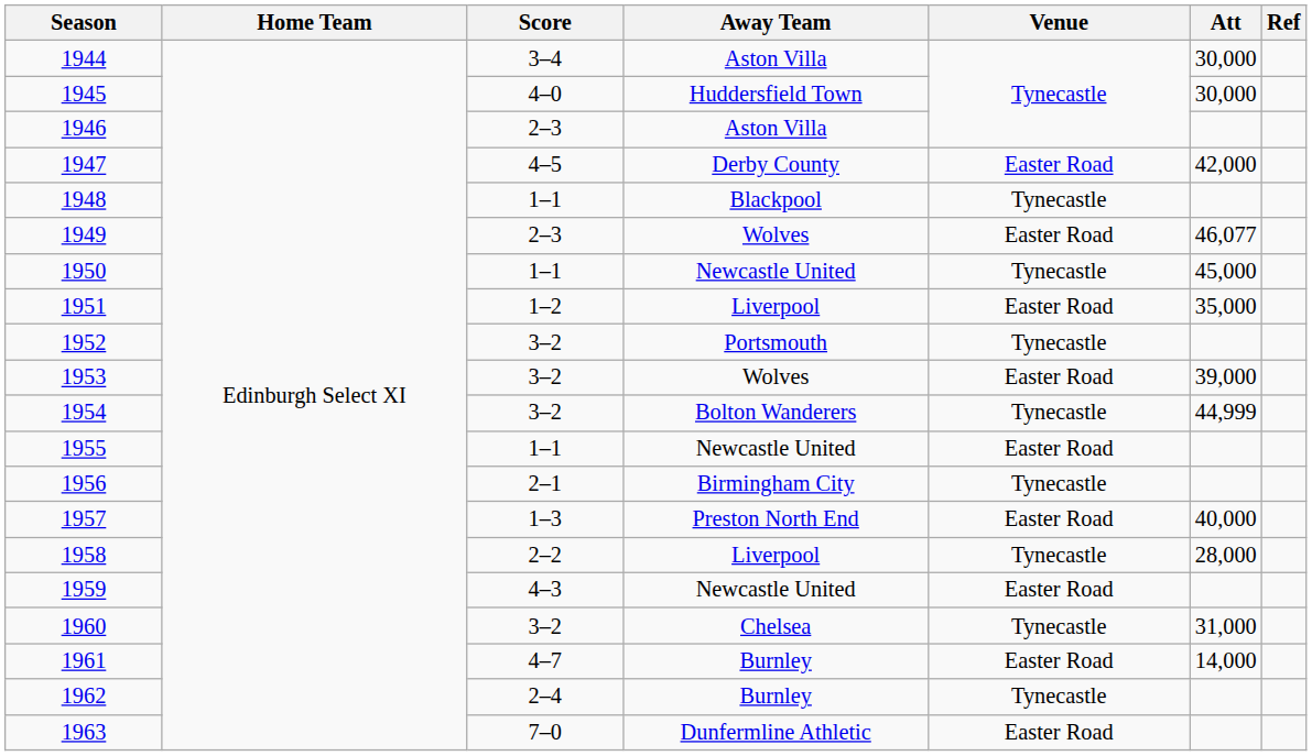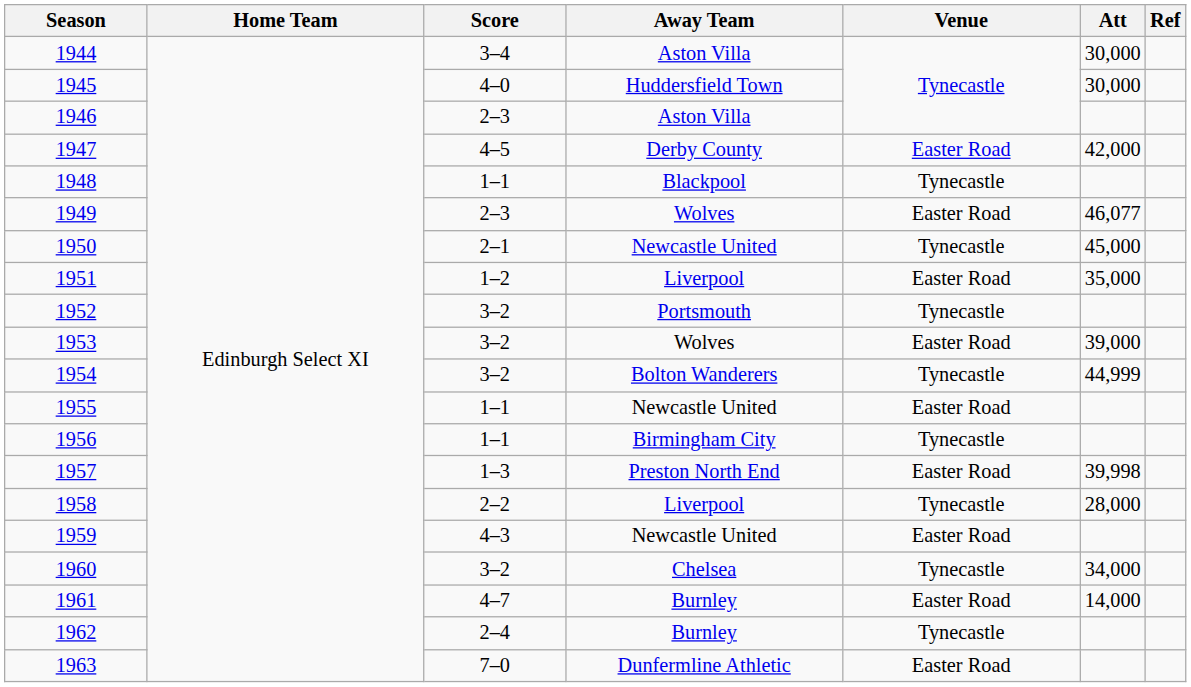 <table class="wikitable sortable" style="text-align: center;">
 <tr>
 <th width="105">Season</th>
 <th width="210">Home Team</th>
 <th width="105">Score</th>
 <th width="210">Away Team</th>
 <th width="180">Venue</th>
 <th>Att</th>
 <th>Ref</th>
 </tr>
 <tr>
 <td><a href='#'>1944</a></td>
 <td rowspan = "20">Edinburgh Select XI</td>
 <td>3–4</td>
 <td><a href='#'>Aston Villa</a></td>
 <td rowspan = "3"><a href='#'>Tynecastle</a></td>
 <td>30,000</td>
 <td></td>
 </tr>
 <tr>
 <td><a href='#'>1945</a></td>
 <td>4–0</td>
 <td><a href='#'>Huddersfield Town</a></td>
 <td>30,000</td>
 <td></td>
 </tr>
 <tr>
 <td><a href='#'>1946</a></td>
 <td>2–3</td>
 <td><a href='#'>Aston Villa</a></td>
 <td></td>
 <td></td>
 </tr>
 <tr>
 <td><a href='#'>1947</a></td>
 <td>4–5</td>
 <td><a href='#'>Derby County</a></td>
 <td><a href='#'>Easter Road</a></td>
 <td>42,000</td>
 <td></td>
 </tr>
 <tr>
 <td><a href='#'>  1948</a></td>
 <td>1–1</td>
 <td><a href='#'>Blackpool</a></td>
 <td>Tynecastle</td>
 <td></td>
 <td></td>
 </tr>
 <tr>
 <td><a href='#'>1949</a></td>
 <td>2–3</td>
 <td><a href='#'>Wolves</a></td>
 <td>Easter Road</td>
 <td>46,077</td>
 <td></td>
 </tr>
 <tr>
 <td><a href='#'>1950</a></td>
-<td>1–1</td>
+<td>2–1</td>
 <td><a href='#'>Newcastle United</a></td>
 <td>Tynecastle</td>
 <td>45,000</td>
 <td></td>
 </tr>
 <tr>
 <td><a href='#'>1951</a></td>
 <td>1–2</td>
 <td><a href='#'>Liverpool</a></td>
 <td>Easter Road</td>
 <td>35,000</td>
 <td></td>
 </tr>
 <tr>
 <td><a href='#'>1952</a></td>
 <td>3–2</td>
 <td><a href='#'>Portsmouth</a></td>
 <td>Tynecastle</td>
 <td></td>
 <td></td>
 </tr>
 <tr>
 <td><a href='#'>1953</a></td>
 <td>3–2</td>
 <td>Wolves</td>
 <td>Easter Road</td>
 <td>39,000</td>
 <td></td>
 </tr>
 <tr>
 <td><a href='#'>1954</a></td>
 <td>3–2</td>
 <td><a href='#'>Bolton Wanderers</a></td>
 <td>Tynecastle</td>
 <td>44,999</td>
 <td></td>
 </tr>
 <tr>
 <td><a href='#'>1955</a></td>
 <td>1–1</td>
 <td>Newcastle United</td>
 <td>Easter Road</td>
 <td></td>
 <td></td>
 </tr>
 <tr>
 <td><a href='#'>1956</a></td>
-<td>2–1</td>
+<td>1–1</td>
 <td><a href='#'>Birmingham City</a></td>
 <td>Tynecastle</td>
 <td></td>
 <td></td>
 </tr>
 <tr>
 <td><a href='#'>1957</a></td>
 <td>1–3</td>
 <td><a href='#'>Preston North End</a></td>
 <td>Easter Road</td>
-<td>40,000</td>
+<td>39,998</td>
 <td></td>
 </tr>
 <tr>
 <td><a href='#'>1958</a></td>
 <td>2–2</td>
 <td><a href='#'>Liverpool</a></td>
 <td>Tynecastle</td>
 <td>28,000</td>
 <td></td>
 </tr>
 <tr>
 <td><a href='#'>1959</a></td>
 <td>4–3</td>
 <td>Newcastle United</td>
 <td>Easter Road</td>
 <td></td>
 <td></td>
 </tr>
 <tr>
 <td><a href='#'>1960</a></td>
 <td>3–2</td>
 <td><a href='#'> Chelsea</a></td>
 <td>Tynecastle</td>
-<td>31,000</td>
+<td>34,000</td>
 <td></td>
 </tr>
 <tr>
 <td><a href='#'>1961</a></td>
 <td>4–7</td>
 <td><a href='#'>Burnley</a></td>
 <td>Easter Road</td>
 <td>14,000</td>
 <td></td>
 </tr>
 <tr>
 <td><a href='#'>1962</a></td>
 <td>2–4</td>
 <td><a href='#'>Burnley</a></td>
 <td>Tynecastle</td>
 <td></td>
 <td></td>
 </tr>
 <tr>
 <td><a href='#'>1963</a></td>
 <td>7–0</td>
 <td><a href='#'>Dunfermline Athletic</a></td>
 <td>Easter Road</td>
 <td></td>
 <td></td>
 </tr>
 </table>
